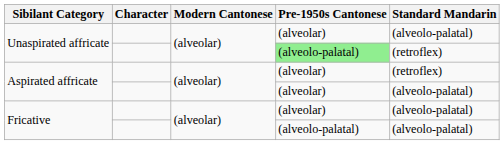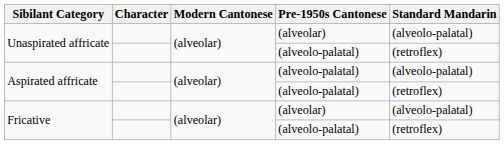 <table class="wikitable">
 <tr>
 <th>Sibilant Category</th>
 <th>Character</th>
 <th>Modern Cantonese</th>
 <th>Pre-1950s Cantonese</th>
 <th>Standard Mandarin</th>
 </tr>
 <tr>
 <td rowspan=2>Unaspirated affricate</td>
 <td align=center></td>
 <td rowspan=2> (alveolar)</td>
 <td> (alveolar)</td>
 <td> (alveolo-palatal)</td>
 </tr>
 <tr>
 <td align=center></td>
-<td style="background: lightgreen;"> (alveolo-palatal)</td>
+<td> (alveolo-palatal)</td>
 <td> (retroflex)</td>
 </tr>
 <tr>
 <td rowspan=2>Aspirated affricate</td>
 <td align=center></td>
 <td rowspan=2> (alveolar)</td>
-<td> (alveolar)</td>
-<td> (retroflex)</td>
+<td> (alveolo-palatal)</td>
+<td> (alveolo-palatal)</td>
 </tr>
 <tr>
 <td align=center></td>
-<td> (alveolar)</td>
 <td> (alveolo-palatal)</td>
+<td> (retroflex)</td>
 </tr>
 <tr>
 <td rowspan=2>Fricative</td>
 <td align=center></td>
 <td rowspan=2> (alveolar)</td>
 <td> (alveolar)</td>
 <td> (alveolo-palatal)</td>
 </tr>
 <tr>
 <td align=center></td>
 <td> (alveolo-palatal)</td>
-<td> (alveolo-palatal)</td>
+<td> (retroflex)</td>
 </tr>
 </table>
